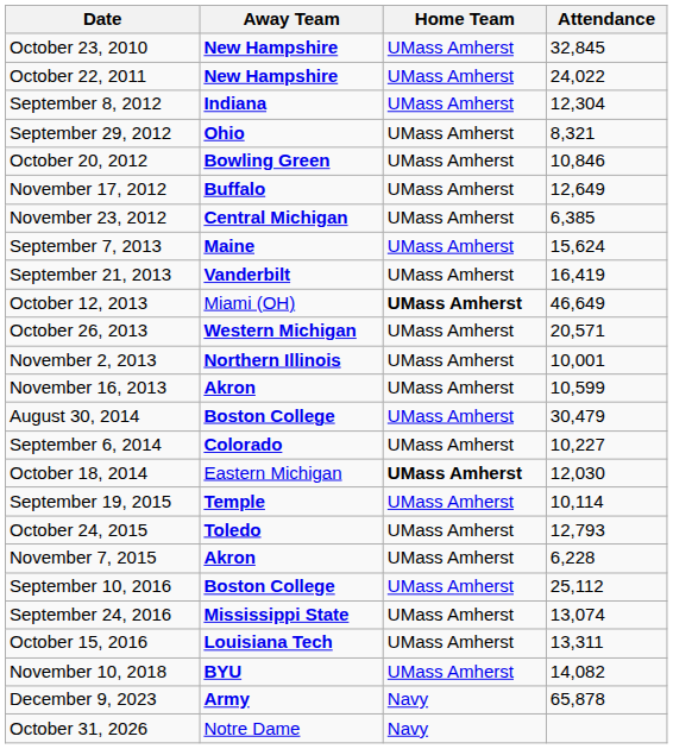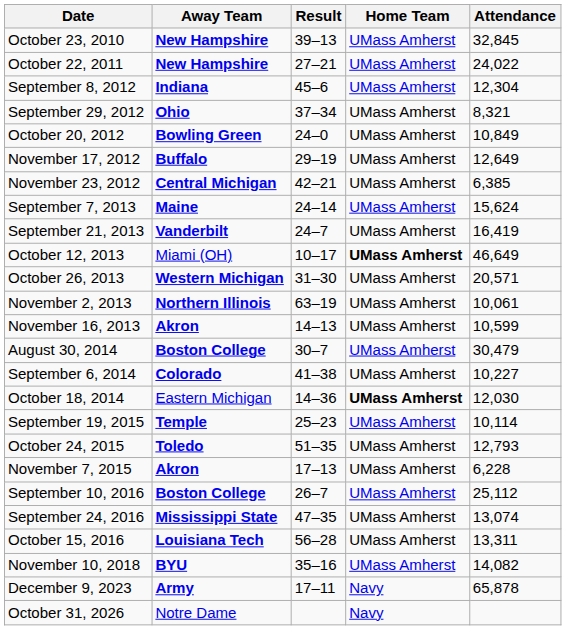 <table class="wikitable" style="text-align:left; width:95%;" style="text-align:center">
 <tr>
 <th style="text-align:center; ">Date</th>
 <th style="text-align:center; ">Away Team</th>
+<th style="text-align:center; ">Result</th>
 <th style="text-align:center; ">Home Team</th>
 <th style="text-align:center; ">Attendance</th>
 </tr>
 <tr>
 <td>October 23, 2010</td>
 <td> <strong><a href='#'>New Hampshire</a></strong></td>
+<td>39–13</td>
 <td> <a href='#'>UMass Amherst</a></td>
 <td>32,845</td>
 </tr>
 <tr>
 <td>October 22, 2011</td>
 <td> <strong><a href='#'>New Hampshire</a></strong></td>
+<td>27–21</td>
 <td> <a href='#'>UMass Amherst</a></td>
 <td>24,022</td>
 </tr>
 <tr>
 <td>September 8, 2012</td>
 <td> <strong><a href='#'>Indiana</a></strong></td>
+<td>45–6</td>
 <td> <a href='#'>UMass Amherst</a></td>
 <td>12,304</td>
 </tr>
 <tr>
 <td>September 29, 2012</td>
 <td> <strong><a href='#'>Ohio</a></strong></td>
+<td>37–34</td>
 <td> UMass Amherst</td>
 <td>8,321</td>
 </tr>
 <tr>
 <td>October 20, 2012</td>
 <td> <strong><a href='#'>Bowling Green</a></strong></td>
+<td>24–0</td>
 <td> UMass Amherst</td>
-<td>10,846</td>
+<td>10,849</td>
 </tr>
 <tr>
 <td>November 17, 2012</td>
 <td> <strong><a href='#'>Buffalo</a></strong></td>
+<td>29–19</td>
 <td> UMass Amherst</td>
 <td>12,649</td>
 </tr>
 <tr>
 <td>November 23, 2012</td>
 <td> <strong><a href='#'>Central Michigan</a></strong></td>
+<td>42–21</td>
 <td> UMass Amherst</td>
 <td>6,385</td>
 </tr>
 <tr>
 <td>September 7, 2013</td>
 <td> <strong><a href='#'>Maine</a></strong></td>
+<td>24–14</td>
 <td> <a href='#'>UMass Amherst</a></td>
 <td>15,624</td>
 </tr>
 <tr>
 <td>September 21, 2013</td>
 <td> <strong><a href='#'>Vanderbilt</a></strong></td>
+<td>24–7</td>
 <td> UMass Amherst</td>
 <td>16,419</td>
 </tr>
 <tr>
 <td>October 12, 2013</td>
 <td> <a href='#'>Miami (OH)</a></td>
+<td>10–17</td>
 <td> <strong>UMass Amherst</strong></td>
 <td>46,649</td>
 </tr>
 <tr>
 <td>October 26, 2013</td>
 <td> <strong><a href='#'>Western Michigan</a></strong></td>
+<td>31–30</td>
 <td> UMass Amherst</td>
 <td>20,571</td>
 </tr>
 <tr>
 <td>November 2, 2013</td>
 <td> <strong><a href='#'>Northern Illinois</a></strong></td>
+<td>63–19</td>
 <td> UMass Amherst</td>
-<td>10,001</td>
+<td>10,061</td>
 </tr>
 <tr>
 <td>November 16, 2013</td>
 <td> <strong><a href='#'>Akron</a></strong></td>
+<td>14–13</td>
 <td> UMass Amherst</td>
 <td>10,599</td>
 </tr>
 <tr>
 <td>August 30, 2014</td>
 <td> <strong><a href='#'>Boston College</a></strong></td>
+<td>30–7</td>
 <td> <a href='#'>UMass Amherst</a></td>
 <td>30,479</td>
 </tr>
 <tr>
 <td>September 6, 2014</td>
 <td> <strong><a href='#'>Colorado</a></strong></td>
+<td>41–38</td>
 <td> UMass Amherst</td>
 <td>10,227</td>
 </tr>
 <tr>
 <td>October 18, 2014</td>
 <td> <a href='#'>Eastern Michigan</a></td>
+<td>14–36</td>
 <td> <strong>UMass Amherst</strong></td>
 <td>12,030</td>
 </tr>
 <tr>
 <td>September 19, 2015</td>
 <td> <strong><a href='#'>Temple</a></strong></td>
+<td>25–23</td>
 <td> <a href='#'>UMass Amherst</a></td>
 <td>10,114</td>
 </tr>
 <tr>
 <td>October 24, 2015</td>
 <td> <strong><a href='#'>Toledo</a></strong></td>
+<td>51–35</td>
 <td> UMass Amherst</td>
 <td>12,793</td>
 </tr>
 <tr>
 <td>November 7, 2015</td>
 <td> <strong><a href='#'>Akron</a></strong></td>
+<td>17–13</td>
 <td> UMass Amherst</td>
 <td>6,228</td>
 </tr>
 <tr>
 <td>September 10, 2016</td>
 <td> <strong><a href='#'>Boston College</a></strong></td>
+<td>26–7</td>
 <td> <a href='#'>UMass Amherst</a></td>
 <td>25,112</td>
 </tr>
 <tr>
 <td>September 24, 2016</td>
 <td> <strong><a href='#'>Mississippi State</a></strong></td>
+<td>47–35</td>
 <td> UMass Amherst</td>
 <td>13,074</td>
 </tr>
 <tr>
 <td>October 15, 2016</td>
 <td> <strong><a href='#'>Louisiana Tech</a></strong></td>
+<td>56–28</td>
 <td> UMass Amherst</td>
 <td>13,311</td>
 </tr>
 <tr>
 <td>November 10, 2018</td>
 <td> <strong><a href='#'>BYU</a></strong></td>
+<td>35–16</td>
 <td> <a href='#'>UMass Amherst</a></td>
 <td>14,082</td>
 </tr>
 <tr>
 <td>December 9, 2023</td>
 <td> <strong><a href='#'>Army</a></strong></td>
+<td>17–11</td>
 <td> <a href='#'>Navy</a></td>
 <td>65,878</td>
 </tr>
 <tr>
 <td>October 31, 2026</td>
 <td> <a href='#'>Notre Dame</a></td>
+<td></td>
 <td> <a href='#'>Navy</a></td>
 <td></td>
 </tr>
 </table>
